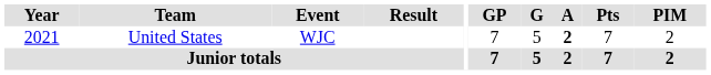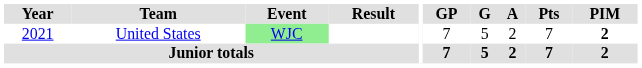 <table border="0" cellpadding="1" cellspacing="0" ID="Table3" style="text-align:center; width:40em;">
 <tr bgcolor="#e0e0e0">
 <th>Year</th>
 <th>Team</th>
 <th>Event</th>
 <th>Result</th>
 <th rowspan="99" bgcolor="#ffffff"></th>
 <th>GP</th>
 <th>G</th>
 <th>A</th>
 <th>Pts</th>
 <th>PIM</th>
 </tr>
 <tr>
 <td><a href='#'>2021</a></td>
 <td><a href='#'>United States</a></td>
-<td><a href='#'>WJC</a></td>
+<td style="background: lightgreen;"><a href='#'>WJC</a></td>
 <td></td>
 <td>7</td>
 <td>5</td>
+<td>2</td>
+<td>7</td>
 <td><strong>2</strong></td>
-<td>7</td>
-<td>2</td>
 </tr>
 <tr bgcolor="#e0e0e0">
 <th colspan="4">Junior totals</th>
 <th>7</th>
 <th>5</th>
 <th>2</th>
 <th>7</th>
 <th>2</th>
 </tr>
 </table>
